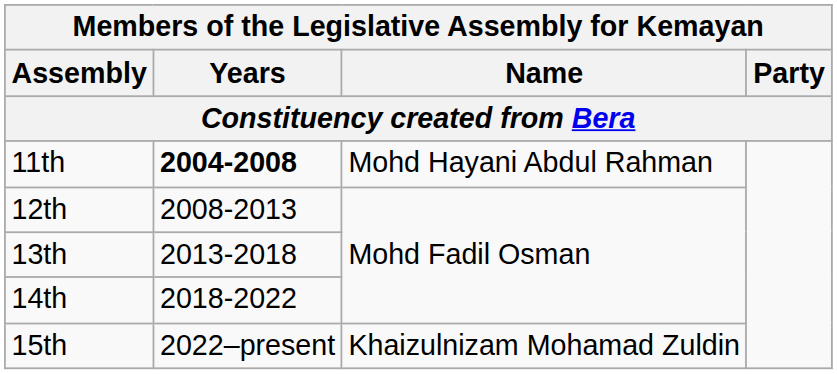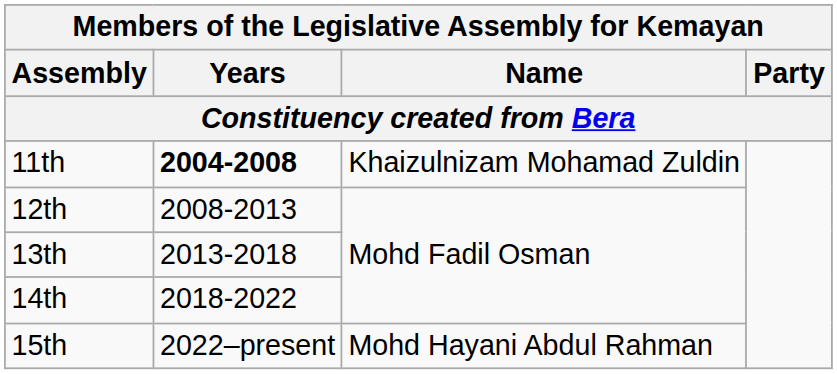 <table class="wikitable">
 <tr>
 <th colspan="4">Members of the Legislative Assembly for Kemayan</th>
 </tr>
 <tr>
 <th>Assembly</th>
 <th>Years</th>
 <th>Name</th>
 <th>Party</th>
 </tr>
 <tr>
 <th colspan="4"><em>Constituency created from <a href='#'>Bera</a></em></th>
 </tr>
 <tr>
 <td>11th</td>
 <td><strong>2004-2008</strong></td>
-<td>Mohd Hayani Abdul Rahman</td>
+<td>Khaizulnizam Mohamad Zuldin</td>
 <td rowspan="5"></td>
 </tr>
 <tr>
 <td>12th</td>
 <td>2008-2013</td>
 <td rowspan="3">Mohd Fadil Osman</td>
 </tr>
 <tr>
 <td>13th</td>
 <td>2013-2018</td>
 </tr>
 <tr>
 <td>14th</td>
 <td>2018-2022</td>
 </tr>
 <tr>
 <td>15th</td>
 <td>2022–present</td>
-<td>Khaizulnizam Mohamad Zuldin</td>
+<td>Mohd Hayani Abdul Rahman</td>
 </tr>
 </table>
